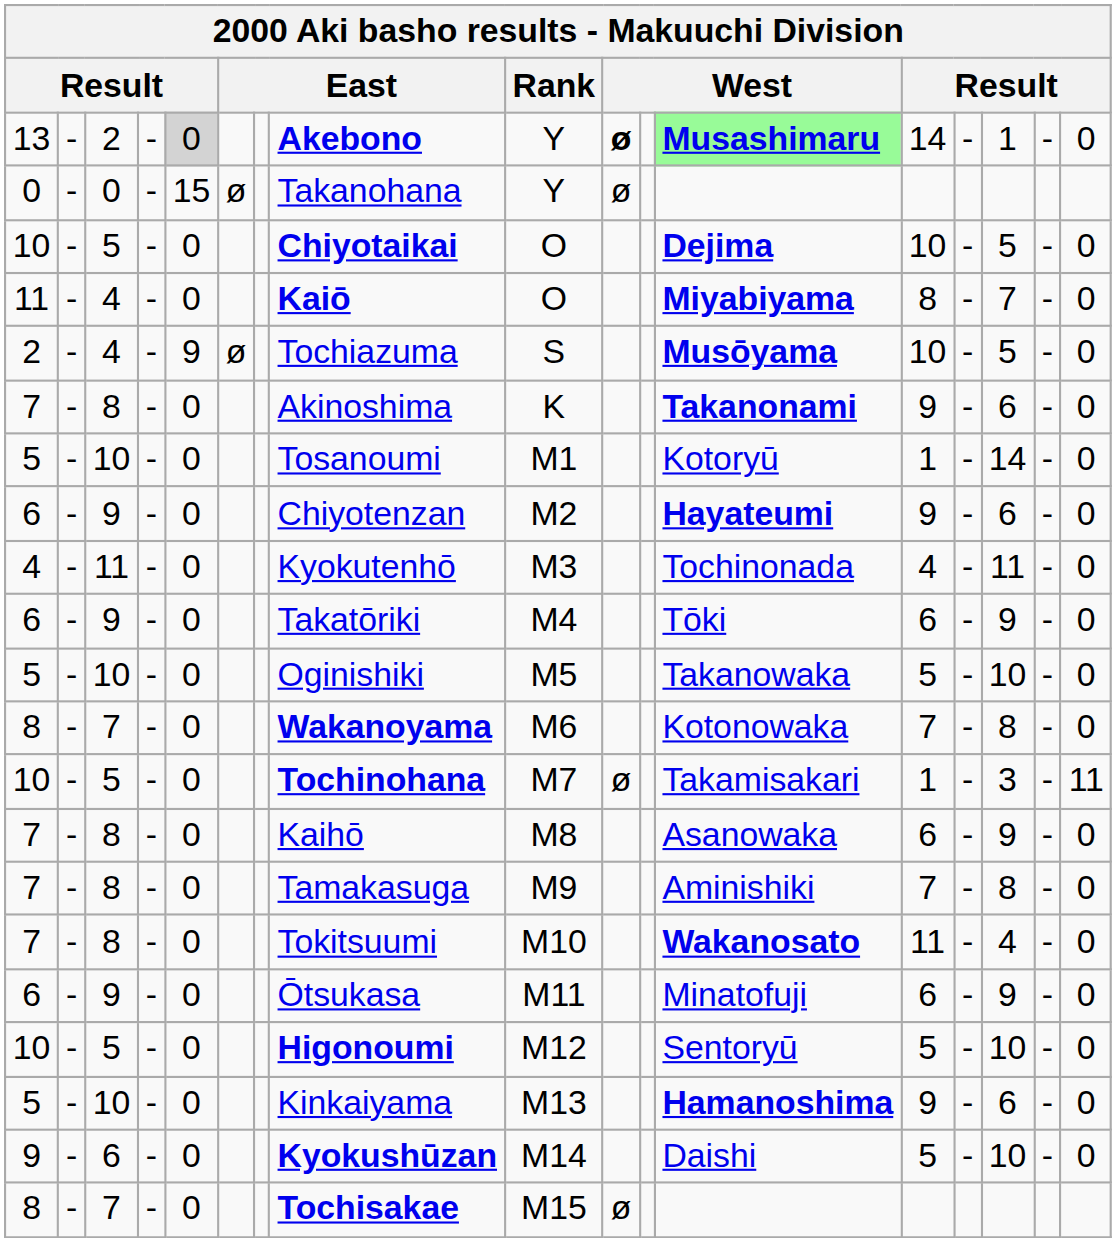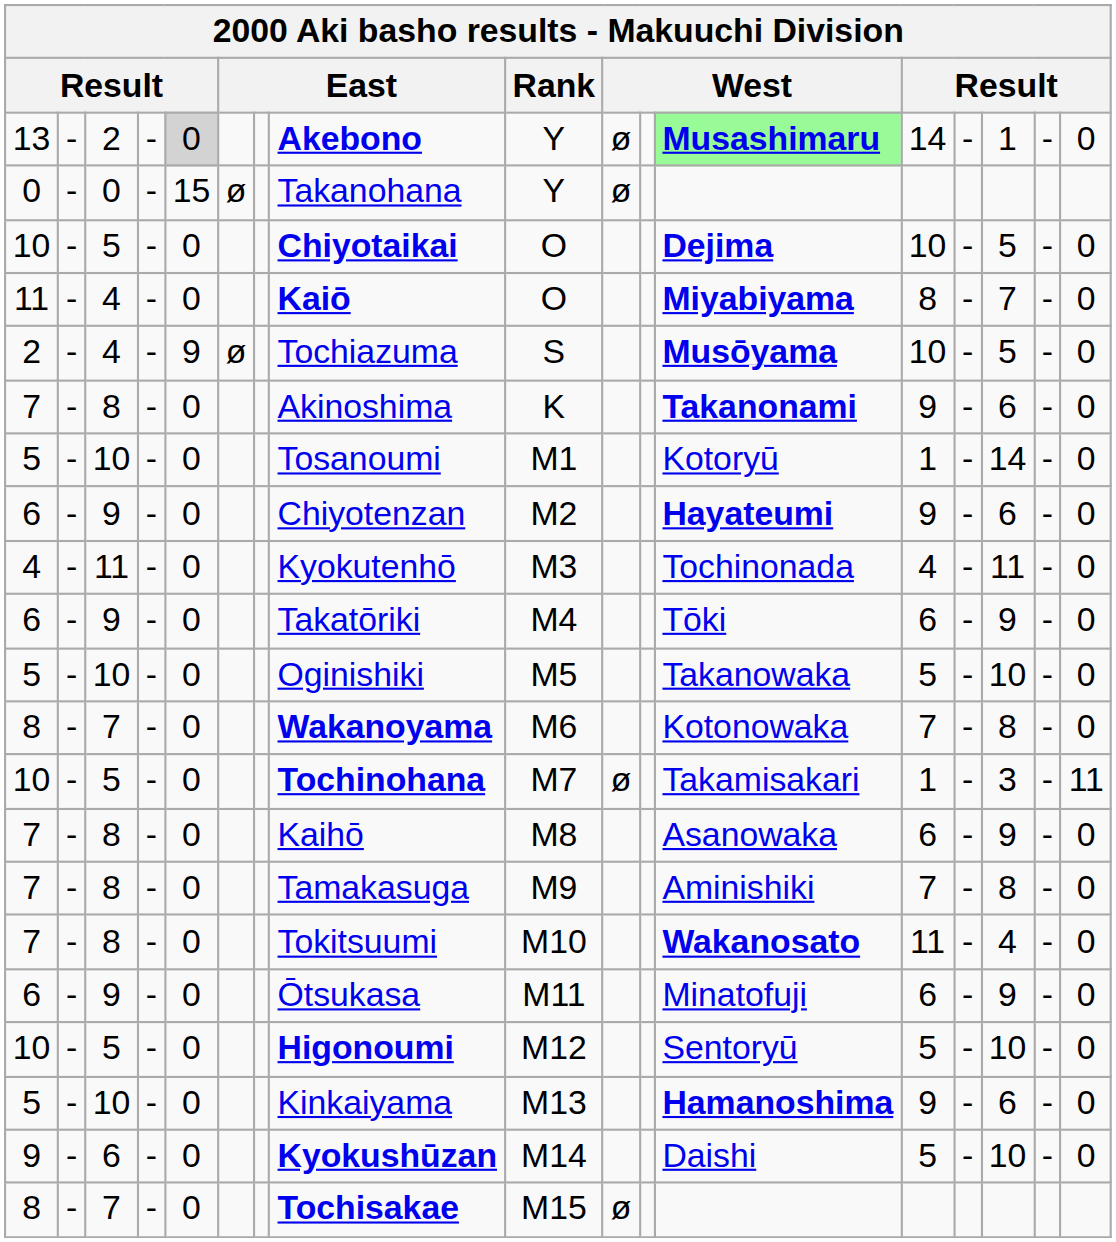 <table class="wikitable">
 <tr>
 <th colspan="17">2000 Aki basho results - Makuuchi Division</th>
 </tr>
 <tr>
 <th colspan="5">Result</th>
 <th colspan="3">East</th>
 <th>Rank</th>
 <th colspan="3">West</th>
 <th colspan="5">Result</th>
 </tr>
 <tr>
 <td align=center>13</td>
 <td align=center>-</td>
 <td align=center>2</td>
 <td align=center>-</td>
 <td align=center style="background: lightgrey;">0</td>
 <td align=center></td>
 <td align=center></td>
 <td><strong><a href='#'>Akebono</a></strong></td>
 <td align=center>Y</td>
-<td align=center><strong>ø</strong></td>
+<td align=center>ø</td>
 <td align=center></td>
 <td style="background: PaleGreen;"><strong><a href='#'>Musashimaru</a></strong></td>
 <td align=center>14</td>
 <td align=center>-</td>
 <td align=center>1</td>
 <td align=center>-</td>
 <td align=center>0</td>
 </tr>
 <tr>
 <td align=center>0</td>
 <td align=center>-</td>
 <td align=center>0</td>
 <td align=center>-</td>
 <td align=center>15</td>
 <td align=center>ø</td>
 <td align=center></td>
 <td><a href='#'>Takanohana</a></td>
 <td align=center>Y</td>
 <td align=center>ø</td>
 <td align=center></td>
 <td></td>
 <td align=center></td>
 <td align=center></td>
 <td align=center></td>
 <td align=center></td>
 <td align=center></td>
 </tr>
 <tr>
 <td align=center>10</td>
 <td align=center>-</td>
 <td align=center>5</td>
 <td align=center>-</td>
 <td align=center>0</td>
 <td align=center></td>
 <td align=center></td>
 <td><strong><a href='#'>Chiyotaikai</a></strong></td>
 <td align=center>O</td>
 <td align=center></td>
 <td align=center></td>
 <td><strong><a href='#'>Dejima</a></strong></td>
 <td align=center>10</td>
 <td align=center>-</td>
 <td align=center>5</td>
 <td align=center>-</td>
 <td align=center>0</td>
 </tr>
 <tr>
 <td align=center>11</td>
 <td align=center>-</td>
 <td align=center>4</td>
 <td align=center>-</td>
 <td align=center>0</td>
 <td align=center></td>
 <td align=center></td>
 <td><strong><a href='#'>Kaiō</a></strong></td>
 <td align=center>O</td>
 <td align=center></td>
 <td align=center></td>
 <td><strong><a href='#'>Miyabiyama</a></strong></td>
 <td align=center>8</td>
 <td align=center>-</td>
 <td align=center>7</td>
 <td align=center>-</td>
 <td align=center>0</td>
 </tr>
 <tr>
 <td align=center>2</td>
 <td align=center>-</td>
 <td align=center>4</td>
 <td align=center>-</td>
 <td align=center>9</td>
 <td align=center>ø</td>
 <td align=center></td>
 <td><a href='#'>Tochiazuma</a></td>
 <td align=center>S</td>
 <td align=center></td>
 <td align=center></td>
 <td><strong><a href='#'>Musōyama</a></strong></td>
 <td align=center>10</td>
 <td align=center>-</td>
 <td align=center>5</td>
 <td align=center>-</td>
 <td align=center>0</td>
 </tr>
 <tr>
 <td align=center>7</td>
 <td align=center>-</td>
 <td align=center>8</td>
 <td align=center>-</td>
 <td align=center>0</td>
 <td align=center></td>
 <td align=center></td>
 <td><a href='#'>Akinoshima</a></td>
 <td align=center>K</td>
 <td align=center></td>
 <td align=center></td>
 <td><strong><a href='#'>Takanonami</a></strong></td>
 <td align=center>9</td>
 <td align=center>-</td>
 <td align=center>6</td>
 <td align=center>-</td>
 <td align=center>0</td>
 </tr>
 <tr>
 <td align=center>5</td>
 <td align=center>-</td>
 <td align=center>10</td>
 <td align=center>-</td>
 <td align=center>0</td>
 <td align=center></td>
 <td align=center></td>
 <td><a href='#'>Tosanoumi</a></td>
 <td align=center>M1</td>
 <td align=center></td>
 <td align=center></td>
 <td><a href='#'>Kotoryū</a></td>
 <td align=center>1</td>
 <td align=center>-</td>
 <td align=center>14</td>
 <td align=center>-</td>
 <td align=center>0</td>
 </tr>
 <tr>
 <td align=center>6</td>
 <td align=center>-</td>
 <td align=center>9</td>
 <td align=center>-</td>
 <td align=center>0</td>
 <td align=center></td>
 <td align=center></td>
 <td><a href='#'>Chiyotenzan</a></td>
 <td align=center>M2</td>
 <td align=center></td>
 <td align=center></td>
 <td><strong><a href='#'>Hayateumi</a></strong></td>
 <td align=center>9</td>
 <td align=center>-</td>
 <td align=center>6</td>
 <td align=center>-</td>
 <td align=center>0</td>
 </tr>
 <tr>
 <td align=center>4</td>
 <td align=center>-</td>
 <td align=center>11</td>
 <td align=center>-</td>
 <td align=center>0</td>
 <td align=center></td>
 <td align=center></td>
 <td><a href='#'>Kyokutenhō</a></td>
 <td align=center>M3</td>
 <td align=center></td>
 <td align=center></td>
 <td><a href='#'>Tochinonada</a></td>
 <td align=center>4</td>
 <td align=center>-</td>
 <td align=center>11</td>
 <td align=center>-</td>
 <td align=center>0</td>
 </tr>
 <tr>
 <td align=center>6</td>
 <td align=center>-</td>
 <td align=center>9</td>
 <td align=center>-</td>
 <td align=center>0</td>
 <td align=center></td>
 <td align=center></td>
 <td><a href='#'>Takatōriki</a></td>
 <td align=center>M4</td>
 <td align=center></td>
 <td align=center></td>
 <td><a href='#'>Tōki</a></td>
 <td align=center>6</td>
 <td align=center>-</td>
 <td align=center>9</td>
 <td align=center>-</td>
 <td align=center>0</td>
 </tr>
 <tr>
 <td align=center>5</td>
 <td align=center>-</td>
 <td align=center>10</td>
 <td align=center>-</td>
 <td align=center>0</td>
 <td align=center></td>
 <td align=center></td>
 <td><a href='#'>Oginishiki</a></td>
 <td align=center>M5</td>
 <td align=center></td>
 <td align=center></td>
 <td><a href='#'>Takanowaka</a></td>
 <td align=center>5</td>
 <td align=center>-</td>
 <td align=center>10</td>
 <td align=center>-</td>
 <td align=center>0</td>
 </tr>
 <tr>
 <td align=center>8</td>
 <td align=center>-</td>
 <td align=center>7</td>
 <td align=center>-</td>
 <td align=center>0</td>
 <td align=center></td>
 <td align=center></td>
 <td><strong><a href='#'>Wakanoyama</a></strong></td>
 <td align=center>M6</td>
 <td align=center></td>
 <td align=center></td>
 <td><a href='#'>Kotonowaka</a></td>
 <td align=center>7</td>
 <td align=center>-</td>
 <td align=center>8</td>
 <td align=center>-</td>
 <td align=center>0</td>
 </tr>
 <tr>
 <td align=center>10</td>
 <td align=center>-</td>
 <td align=center>5</td>
 <td align=center>-</td>
 <td align=center>0</td>
 <td align=center></td>
 <td align=center></td>
 <td><strong><a href='#'>Tochinohana</a></strong></td>
 <td align=center>M7</td>
 <td align=center>ø</td>
 <td align=center></td>
 <td><a href='#'>Takamisakari</a></td>
 <td align=center>1</td>
 <td align=center>-</td>
 <td align=center>3</td>
 <td align=center>-</td>
 <td align=center>11</td>
 </tr>
 <tr>
 <td align=center>7</td>
 <td align=center>-</td>
 <td align=center>8</td>
 <td align=center>-</td>
 <td align=center>0</td>
 <td align=center></td>
 <td align=center></td>
 <td><a href='#'>Kaihō</a></td>
 <td align=center>M8</td>
 <td align=center></td>
 <td align=center></td>
 <td><a href='#'>Asanowaka</a></td>
 <td align=center>6</td>
 <td align=center>-</td>
 <td align=center>9</td>
 <td align=center>-</td>
 <td align=center>0</td>
 </tr>
 <tr>
 <td align=center>7</td>
 <td align=center>-</td>
 <td align=center>8</td>
 <td align=center>-</td>
 <td align=center>0</td>
 <td align=center></td>
 <td align=center></td>
 <td><a href='#'>Tamakasuga</a></td>
 <td align=center>M9</td>
 <td align=center></td>
 <td align=center></td>
 <td><a href='#'>Aminishiki</a></td>
 <td align=center>7</td>
 <td align=center>-</td>
 <td align=center>8</td>
 <td align=center>-</td>
 <td align=center>0</td>
 </tr>
 <tr>
 <td align=center>7</td>
 <td align=center>-</td>
 <td align=center>8</td>
 <td align=center>-</td>
 <td align=center>0</td>
 <td align=center></td>
 <td align=center></td>
 <td><a href='#'>Tokitsuumi</a></td>
 <td align=center>M10</td>
 <td align=center></td>
 <td align=center></td>
 <td><strong><a href='#'>Wakanosato</a></strong></td>
 <td align=center>11</td>
 <td align=center>-</td>
 <td align=center>4</td>
 <td align=center>-</td>
 <td align=center>0</td>
 </tr>
 <tr>
 <td align=center>6</td>
 <td align=center>-</td>
 <td align=center>9</td>
 <td align=center>-</td>
 <td align=center>0</td>
 <td align=center></td>
 <td align=center></td>
 <td><a href='#'>Ōtsukasa</a></td>
 <td align=center>M11</td>
 <td align=center></td>
 <td align=center></td>
 <td><a href='#'>Minatofuji</a></td>
 <td align=center>6</td>
 <td align=center>-</td>
 <td align=center>9</td>
 <td align=center>-</td>
 <td align=center>0</td>
 </tr>
 <tr>
 <td align=center>10</td>
 <td align=center>-</td>
 <td align=center>5</td>
 <td align=center>-</td>
 <td align=center>0</td>
 <td align=center></td>
 <td align=center></td>
 <td><strong><a href='#'>Higonoumi</a></strong></td>
 <td align=center>M12</td>
 <td align=center></td>
 <td align=center></td>
 <td><a href='#'>Sentoryū</a></td>
 <td align=center>5</td>
 <td align=center>-</td>
 <td align=center>10</td>
 <td align=center>-</td>
 <td align=center>0</td>
 </tr>
 <tr>
 <td align=center>5</td>
 <td align=center>-</td>
 <td align=center>10</td>
 <td align=center>-</td>
 <td align=center>0</td>
 <td align=center></td>
 <td align=center></td>
 <td><a href='#'>Kinkaiyama</a></td>
 <td align=center>M13</td>
 <td align=center></td>
 <td align=center></td>
 <td><strong><a href='#'>Hamanoshima</a></strong></td>
 <td align=center>9</td>
 <td align=center>-</td>
 <td align=center>6</td>
 <td align=center>-</td>
 <td align=center>0</td>
 </tr>
 <tr>
 <td align=center>9</td>
 <td align=center>-</td>
 <td align=center>6</td>
 <td align=center>-</td>
 <td align=center>0</td>
 <td align=center></td>
 <td align=center></td>
 <td><strong><a href='#'>Kyokushūzan</a></strong></td>
 <td align=center>M14</td>
 <td align=center></td>
 <td align=center></td>
 <td><a href='#'>Daishi</a></td>
 <td align=center>5</td>
 <td align=center>-</td>
 <td align=center>10</td>
 <td align=center>-</td>
 <td align=center>0</td>
 </tr>
 <tr>
 <td align=center>8</td>
 <td align=center>-</td>
 <td align=center>7</td>
 <td align=center>-</td>
 <td align=center>0</td>
 <td align=center></td>
 <td align=center></td>
 <td><strong><a href='#'>Tochisakae</a></strong></td>
 <td align=center>M15</td>
 <td align=center>ø</td>
 <td align=center></td>
 <td></td>
 <td align=center></td>
 <td align=center></td>
 <td align=center></td>
 <td align=center></td>
 <td align=center></td>
 </tr>
 </table>
